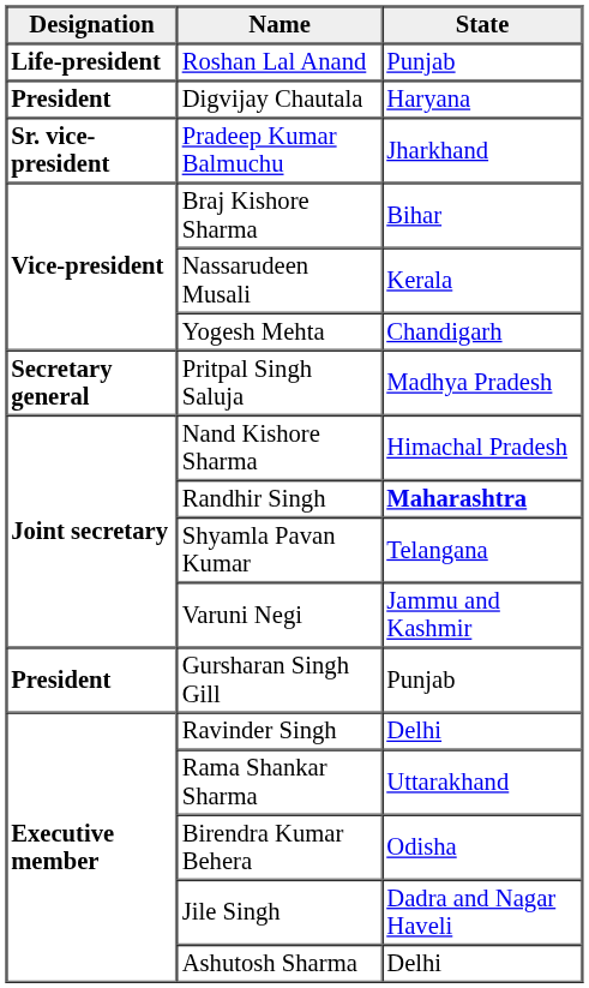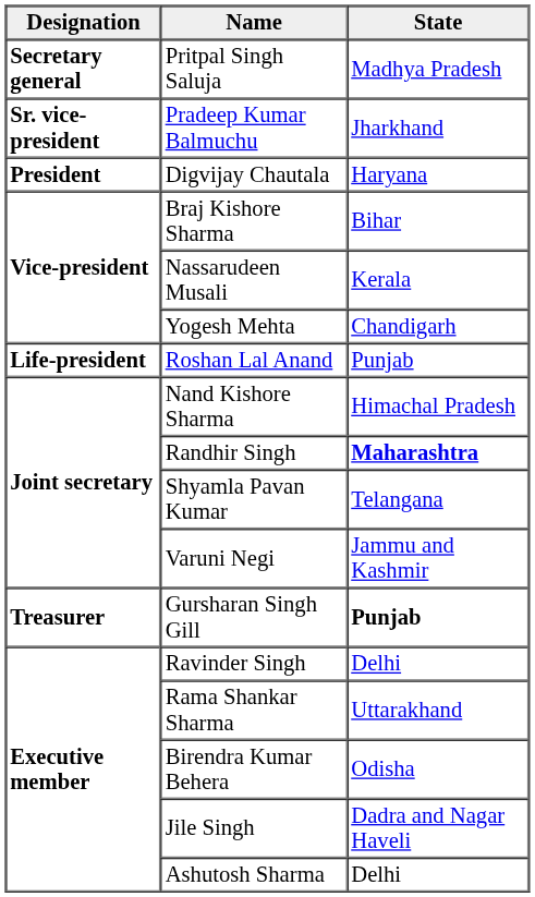 <table class= style="border-collapse: collapse; border: 2px #000000 solid; font-size: x-big; font-family: verdana" width="60%" cellspacing="0" cellpadding="2" border="1">
 <tr bgcolor="efefef" align="center">
 <th>Designation</th>
 <th>Name</th>
 <th>State</th>
 </tr>
 <tr>
-<td><strong>Life-president</strong></td>
-<td><a href='#'>Roshan Lal Anand</a></td>
-<td><a href='#'>Punjab</a></td>
+<td><strong>Secretary general</strong></td>
+<td>Pritpal Singh Saluja</td>
+<td><a href='#'>Madhya Pradesh</a></td>
+</tr>
+<tr>
+<td><strong>Sr. vice-president</strong></td>
+<td><a href='#'>Pradeep Kumar Balmuchu</a></td>
+<td><a href='#'>Jharkhand</a></td>
 </tr>
 <tr>
 <td><strong>President</strong></td>
 <td>Digvijay Chautala</td>
 <td><a href='#'>Haryana</a></td>
-</tr>
-<tr>
-<td><strong>Sr. vice-president</strong></td>
-<td><a href='#'>Pradeep Kumar Balmuchu</a></td>
-<td><a href='#'>Jharkhand</a></td>
 </tr>
 <tr>
 <td rowspan="3"><strong>Vice-president</strong></td>
 <td>Braj Kishore Sharma</td>
 <td><a href='#'>Bihar</a></td>
 </tr>
 <tr>
 <td>Nassarudeen Musali</td>
 <td><a href='#'>Kerala</a></td>
 </tr>
 <tr>
 <td>Yogesh Mehta</td>
 <td><a href='#'>Chandigarh</a></td>
 </tr>
 <tr>
-<td><strong>Secretary general</strong></td>
-<td>Pritpal Singh Saluja</td>
-<td><a href='#'>Madhya Pradesh</a></td>
+<td><strong>Life-president</strong></td>
+<td><a href='#'>Roshan Lal Anand</a></td>
+<td><a href='#'>Punjab</a></td>
 </tr>
 <tr>
 <td rowspan=4><strong>Joint secretary</strong></td>
 <td>Nand Kishore Sharma</td>
 <td><a href='#'>Himachal Pradesh</a></td>
 </tr>
 <tr>
 <td>Randhir Singh</td>
 <td><strong><a href='#'>Maharashtra</a></strong></td>
 </tr>
 <tr>
 <td>Shyamla Pavan Kumar</td>
 <td><a href='#'>Telangana</a></td>
 </tr>
 <tr>
 <td>Varuni Negi</td>
 <td><a href='#'>Jammu and Kashmir</a></td>
 </tr>
 <tr>
-<td><strong>President</strong></td>
+<td><strong>Treasurer</strong></td>
 <td>Gursharan Singh Gill</td>
-<td>Punjab</td>
+<td><strong>Punjab</strong></td>
 </tr>
 <tr>
 <td rowspan=7><strong>Executive member</strong></td>
 <td>Ravinder Singh</td>
 <td><a href='#'>Delhi</a></td>
 </tr>
 <tr>
 <td>Rama Shankar Sharma</td>
 <td><a href='#'>Uttarakhand</a></td>
 </tr>
 <tr>
 <td>Birendra Kumar Behera</td>
 <td><a href='#'>Odisha</a></td>
 </tr>
 <tr>
 <td>Jile Singh</td>
 <td><a href='#'>Dadra and Nagar Haveli</a></td>
 </tr>
 <tr>
 <td>Ashutosh Sharma</td>
 <td>Delhi</td>
 </tr>
 <tr>
 </tr>
 </table>
